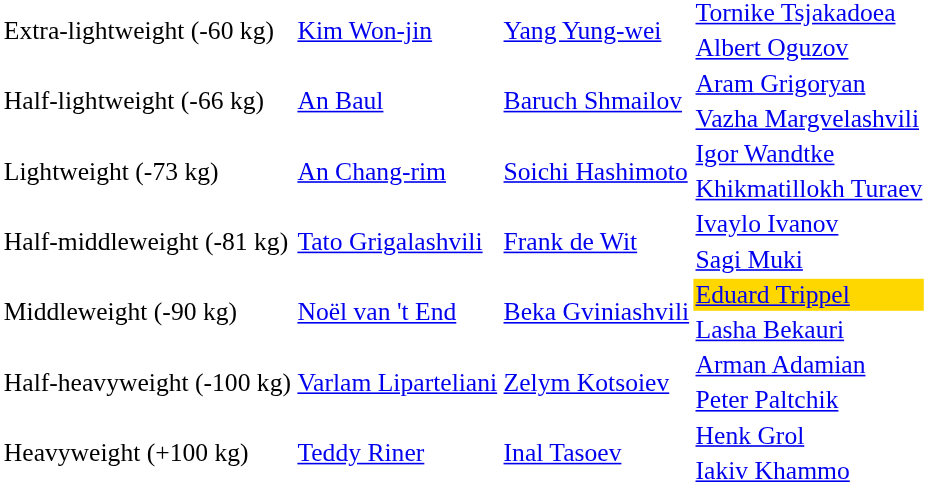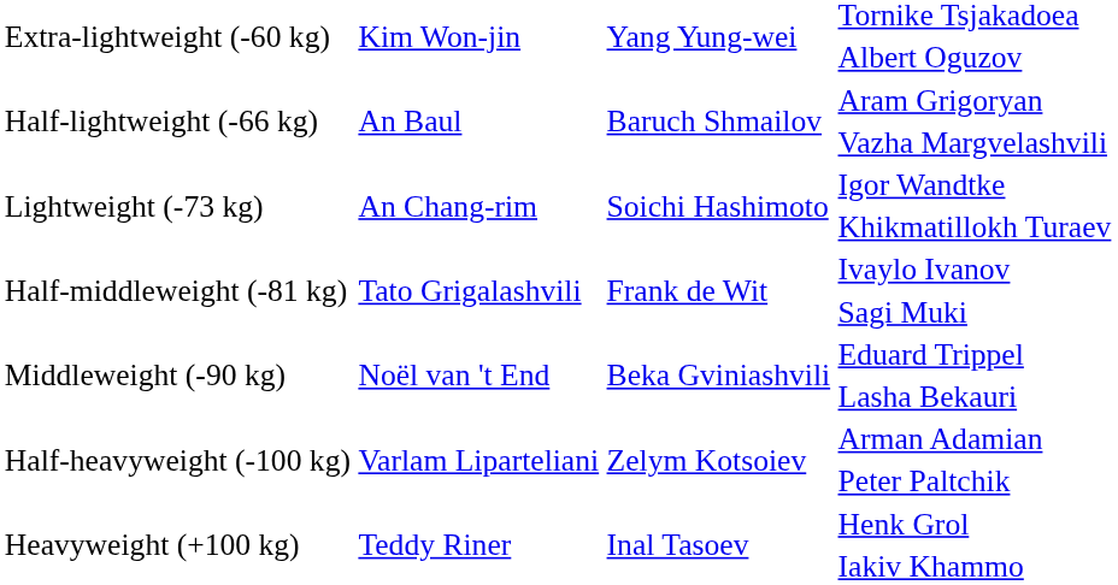 <table>
 <tr>
 <td rowspan=2>Extra-lightweight (-60 kg)</td>
 <td rowspan=2> <a href='#'>Kim Won-jin</a></td>
 <td rowspan=2> <a href='#'>Yang Yung-wei</a></td>
 <td> <a href='#'>Tornike Tsjakadoea</a></td>
 </tr>
 <tr>
 <td> <a href='#'>Albert Oguzov</a></td>
 </tr>
 <tr>
 <td rowspan=2>Half-lightweight (-66 kg)</td>
 <td rowspan=2> <a href='#'>An Baul</a></td>
 <td rowspan=2> <a href='#'>Baruch Shmailov</a></td>
 <td> <a href='#'>Aram Grigoryan</a></td>
 </tr>
 <tr>
 <td> <a href='#'>Vazha Margvelashvili</a></td>
 </tr>
 <tr>
 <td rowspan=2>Lightweight (-73 kg)</td>
 <td rowspan=2> <a href='#'>An Chang-rim</a></td>
 <td rowspan=2> <a href='#'>Soichi Hashimoto</a></td>
 <td> <a href='#'>Igor Wandtke</a></td>
 </tr>
 <tr>
 <td> <a href='#'>Khikmatillokh Turaev</a></td>
 </tr>
 <tr>
 <td rowspan=2>Half-middleweight (-81 kg)</td>
 <td rowspan=2> <a href='#'>Tato Grigalashvili</a></td>
 <td rowspan=2> <a href='#'>Frank de Wit</a></td>
 <td> <a href='#'>Ivaylo Ivanov</a></td>
 </tr>
 <tr>
 <td> <a href='#'>Sagi Muki</a></td>
 </tr>
 <tr>
 <td rowspan=2>Middleweight (-90 kg)</td>
 <td rowspan=2> <a href='#'>Noël van 't End</a></td>
 <td rowspan=2> <a href='#'>Beka Gviniashvili</a></td>
-<td style="background: gold;"> <a href='#'>Eduard Trippel</a></td>
+<td> <a href='#'>Eduard Trippel</a></td>
 </tr>
 <tr>
 <td> <a href='#'>Lasha Bekauri</a></td>
 </tr>
 <tr>
 <td rowspan=2>Half-heavyweight  (-100 kg)</td>
 <td rowspan=2> <a href='#'>Varlam Liparteliani</a></td>
 <td rowspan=2> <a href='#'>Zelym Kotsoiev</a></td>
 <td> <a href='#'>Arman Adamian</a></td>
 </tr>
 <tr>
 <td> <a href='#'>Peter Paltchik</a></td>
 </tr>
 <tr>
 <td rowspan=2>Heavyweight (+100 kg)</td>
 <td rowspan=2> <a href='#'>Teddy Riner</a></td>
 <td rowspan=2> <a href='#'>Inal Tasoev</a></td>
 <td> <a href='#'>Henk Grol</a></td>
 </tr>
 <tr>
 <td> <a href='#'>Iakiv Khammo</a></td>
 </tr>
 </table>
